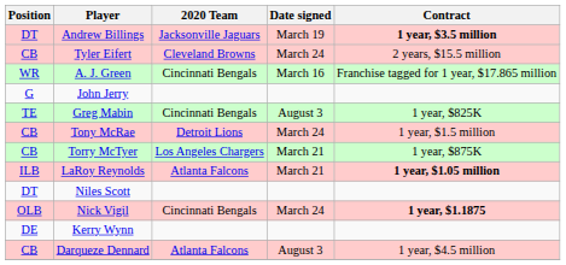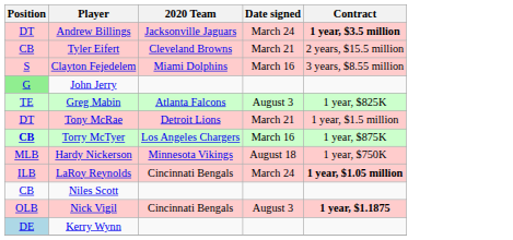 <table class="wikitable" style="text-align:center">
 <tr>
 <th>Position</th>
 <th>Player</th>
 <th>2020 Team</th>
 <th>Date signed</th>
 <th>Contract</th>
 </tr>
 <tr style="background:#fcc;">
 <td><a href='#'>DT</a></td>
 <td><a href='#'>Andrew Billings</a></td>
 <td><a href='#'>Jacksonville Jaguars</a></td>
-<td>March 19</td>
+<td>March 24</td>
 <td><strong>1 year, $3.5 million</strong></td>
 </tr>
 <tr style="background:#fcc;">
 <td><a href='#'>CB</a></td>
 <td><a href='#'>Tyler Eifert</a></td>
 <td><a href='#'>Cleveland Browns</a></td>
-<td>March 24</td>
+<td>March 21</td>
 <td>2 years, $15.5 million</td>
 </tr>
-<tr style="background:#cfc;">
-<td><a href='#'>WR</a></td>
-<td><a href='#'>A. J. Green</a></td>
-<td>Cincinnati Bengals</td>
+<tr style="background:#fcc;">
+<td><a href='#'>S</a></td>
+<td><a href='#'>Clayton Fejedelem</a></td>
+<td><a href='#'>Miami Dolphins</a></td>
 <td>March 16</td>
-<td>Franchise tagged for 1 year, $17.865 million</td>
+<td>3 years, $8.55 million</td>
 </tr>
 <tr>
-<td><a href='#'>G</a></td>
+<td style="background: lightgreen;"><a href='#'>G</a></td>
 <td><a href='#'>John Jerry</a></td>
 <td></td>
 <td></td>
 <td></td>
 </tr>
 <tr style="background:#cfc;">
 <td><a href='#'>TE</a></td>
 <td><a href='#'>Greg Mabin</a></td>
-<td>Cincinnati Bengals</td>
+<td><a href='#'>Atlanta Falcons</a></td>
 <td>August 3</td>
 <td>1 year, $825K</td>
 </tr>
 <tr style="background:#fcc;">
-<td><a href='#'>CB</a></td>
+<td><a href='#'>DT</a></td>
 <td><a href='#'>Tony McRae</a></td>
 <td><a href='#'>Detroit Lions</a></td>
-<td>March 24</td>
+<td>March 21</td>
 <td>1 year, $1.5 million</td>
 </tr>
 <tr style="background:#cfc;">
-<td><a href='#'>CB</a></td>
+<td><strong><a href='#'>CB</a></strong></td>
 <td><a href='#'>Torry McTyer</a></td>
 <td><a href='#'>Los Angeles Chargers</a></td>
-<td>March 21</td>
+<td>March 16</td>
 <td>1 year, $875K</td>
+</tr>
+<tr style="background:#fcc;">
+<td><a href='#'>MLB</a></td>
+<td><a href='#'>Hardy Nickerson</a></td>
+<td><a href='#'>Minnesota Vikings</a></td>
+<td>August 18</td>
+<td>1 year, $750K</td>
 </tr>
 <tr style="background:#fcc;">
 <td><a href='#'>ILB</a></td>
 <td><a href='#'>LaRoy Reynolds</a></td>
-<td><a href='#'>Atlanta Falcons</a></td>
-<td>March 21</td>
+<td>Cincinnati Bengals</td>
+<td>March 24</td>
 <td><strong>1 year, $1.05 million</strong></td>
 </tr>
 <tr>
-<td><a href='#'>DT</a></td>
+<td><a href='#'>CB</a></td>
 <td><a href='#'>Niles Scott</a></td>
 <td></td>
 <td></td>
 <td></td>
 </tr>
 <tr style="background:#fcc;">
 <td><a href='#'>OLB</a></td>
 <td><a href='#'>Nick Vigil</a></td>
 <td>Cincinnati Bengals</td>
-<td>March 24</td>
+<td>August 3</td>
 <td><strong>1 year, $1.1875</strong></td>
 </tr>
 <tr>
-<td><a href='#'>DE</a></td>
+<td style="background: lightblue;"><a href='#'>DE</a></td>
 <td><a href='#'>Kerry Wynn</a></td>
 <td></td>
 <td></td>
 <td></td>
 </tr>
 <tr style="background:#fcc;">
-<td><a href='#'>CB</a></td>
-<td><a href='#'>Darqueze Dennard</a></td>
-<td><a href='#'>Atlanta Falcons</a></td>
-<td>August 3</td>
-<td>1 year, $4.5 million</td>
-</tr>
-<tr style="background:#fcc;">
 </tr>
 </table>
